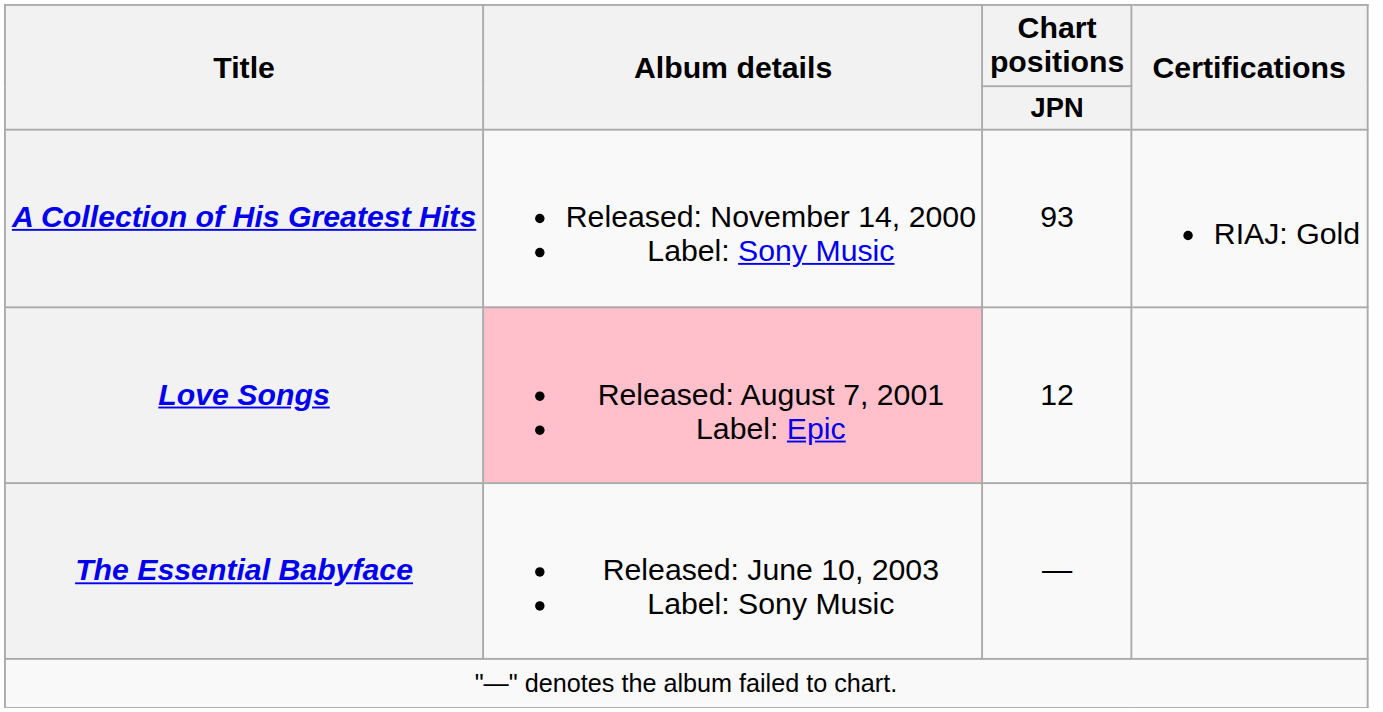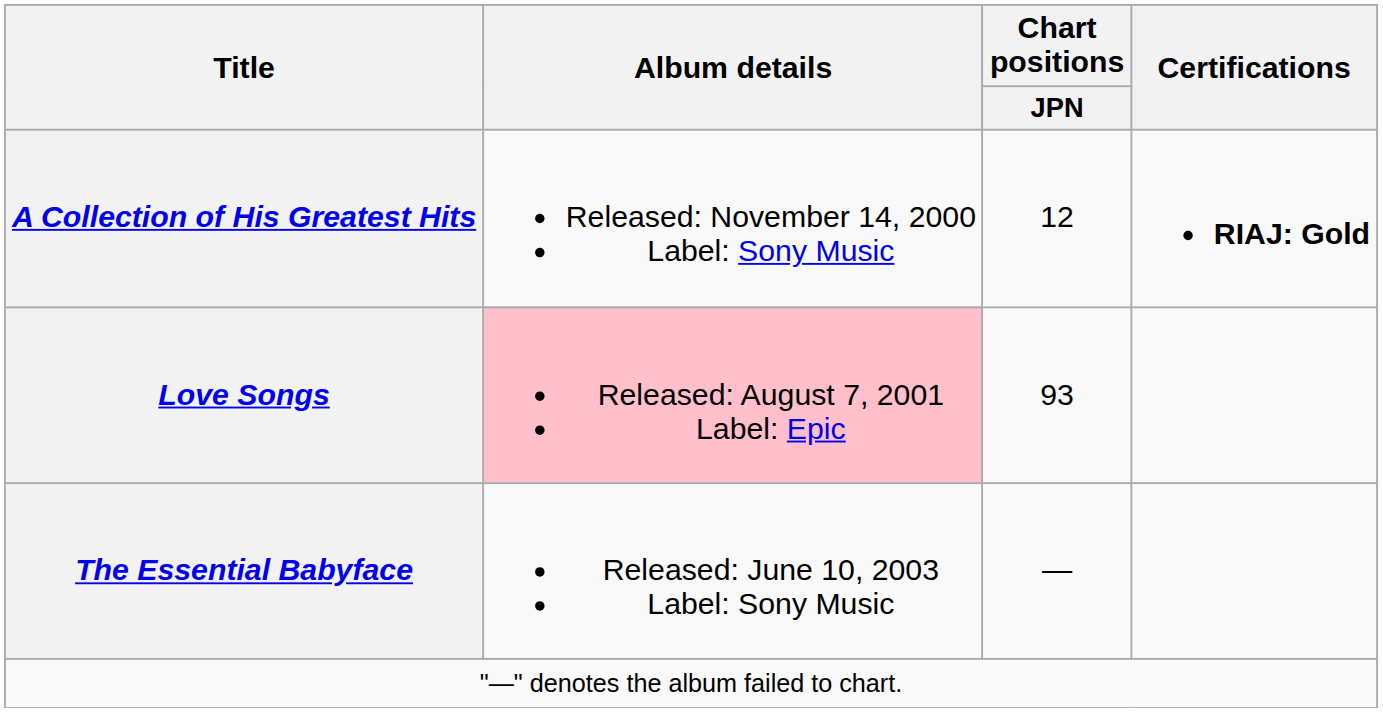 <table class="wikitable plainrowheaders" style="text-align:center;">
 <tr>
 <th rowspan="2">Title</th>
 <th rowspan="2">Album details</th>
 <th colspan="1">Chart positions</th>
 <th rowspan="2">Certifications</th>
 </tr>
 <tr>
 <th scope="col" style="width:3em;font-size:90%;">JPN<br></th>
 </tr>
 <tr>
 <th scope="row"><em><a href='#'>A Collection of His Greatest Hits</a></em></th>
 <td><br><ul><li>Released: November 14, 2000</li><li>Label: <a href='#'>Sony Music</a></li></ul></td>
-<td>93</td>
-<td align="left"><br><ul><li>RIAJ: Gold</li></ul></td>
+<td>12</td>
+<td align="left"><strong><br><ul><li>RIAJ: Gold</li></ul></strong></td>
 </tr>
 <tr>
 <th scope="row"><em><a href='#'>Love Songs</a></em></th>
 <td style="background: pink;"><br><ul><li>Released: August 7, 2001</li><li>Label: <a href='#'>Epic</a></li></ul></td>
-<td>12</td>
+<td>93</td>
 <td></td>
 </tr>
 <tr>
 <th scope="row"><em><a href='#'>The Essential Babyface</a></em></th>
 <td><br><ul><li>Released: June 10, 2003</li><li>Label: Sony Music</li></ul></td>
 <td>—</td>
 <td></td>
 </tr>
 <tr>
 <td align="center" colspan="5"><small>"—" denotes the album failed to chart.</small></td>
 </tr>
 </table>
